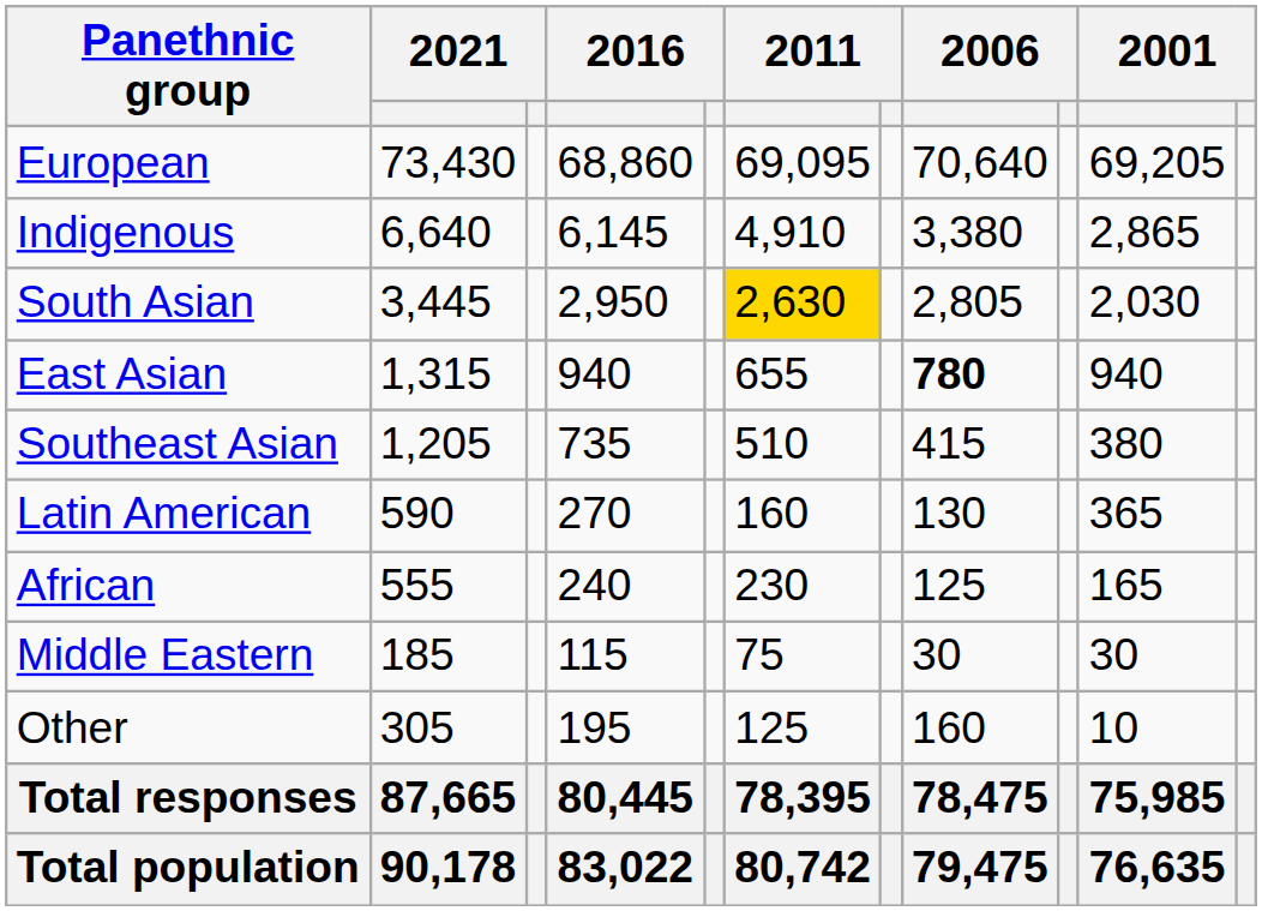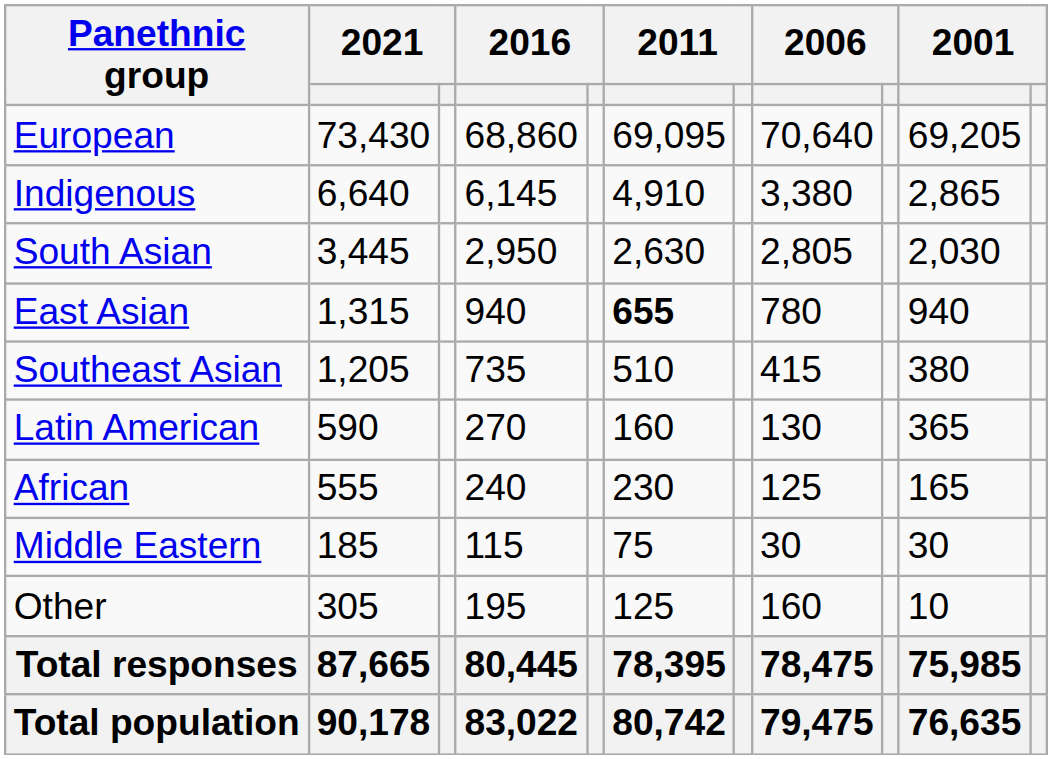 <table class="wikitable collapsible sortable">
 <tr>
 <th rowspan="2"><a href='#'>Panethnic</a><br>group</th>
 <th colspan="2">2021</th>
 <th colspan="2">2016</th>
 <th colspan="2">2011</th>
 <th colspan="2">2006</th>
 <th colspan="2">2001</th>
 </tr>
 <tr>
 <th><a href='#'></a></th>
 <th></th>
 <th></th>
 <th></th>
 <th></th>
 <th></th>
 <th></th>
 <th></th>
 <th></th>
 <th></th>
 </tr>
 <tr>
 <td><a href='#'>European</a></td>
 <td>73,430</td>
 <td></td>
 <td>68,860</td>
 <td></td>
 <td>69,095</td>
 <td></td>
 <td>70,640</td>
 <td></td>
 <td>69,205</td>
 <td></td>
 </tr>
 <tr>
 <td><a href='#'>Indigenous</a></td>
 <td>6,640</td>
 <td></td>
 <td>6,145</td>
 <td></td>
 <td>4,910</td>
 <td></td>
 <td>3,380</td>
 <td></td>
 <td>2,865</td>
 <td></td>
 </tr>
 <tr>
 <td><a href='#'>South Asian</a></td>
 <td>3,445</td>
 <td></td>
 <td>2,950</td>
 <td></td>
-<td style="background: gold;">2,630</td>
+<td>2,630</td>
 <td></td>
 <td>2,805</td>
 <td></td>
 <td>2,030</td>
 <td></td>
 </tr>
 <tr>
 <td><a href='#'>East Asian</a></td>
 <td>1,315</td>
 <td></td>
 <td>940</td>
 <td></td>
-<td>655</td>
+<td><strong>655</strong></td>
 <td></td>
-<td><strong>780</strong></td>
+<td>780</td>
 <td></td>
 <td>940</td>
 <td></td>
 </tr>
 <tr>
 <td><a href='#'>Southeast Asian</a></td>
 <td>1,205</td>
 <td></td>
 <td>735</td>
 <td></td>
 <td>510</td>
 <td></td>
 <td>415</td>
 <td></td>
 <td>380</td>
 <td></td>
 </tr>
 <tr>
 <td><a href='#'>Latin American</a></td>
 <td>590</td>
 <td></td>
 <td>270</td>
 <td></td>
 <td>160</td>
 <td></td>
 <td>130</td>
 <td></td>
 <td>365</td>
 <td></td>
 </tr>
 <tr>
 <td><a href='#'>African</a></td>
 <td>555</td>
 <td></td>
 <td>240</td>
 <td></td>
 <td>230</td>
 <td></td>
 <td>125</td>
 <td></td>
 <td>165</td>
 <td></td>
 </tr>
 <tr>
 <td><a href='#'>Middle Eastern</a></td>
 <td>185</td>
 <td></td>
 <td>115</td>
 <td></td>
 <td>75</td>
 <td></td>
 <td>30</td>
 <td></td>
 <td>30</td>
 <td></td>
 </tr>
 <tr>
 <td>Other</td>
 <td>305</td>
 <td></td>
 <td>195</td>
 <td></td>
 <td>125</td>
 <td></td>
 <td>160</td>
 <td></td>
 <td>10</td>
 <td></td>
 </tr>
 <tr>
 <th>Total responses</th>
 <th>87,665</th>
 <th></th>
 <th>80,445</th>
 <th></th>
 <th>78,395</th>
 <th></th>
 <th>78,475</th>
 <th></th>
 <th>75,985</th>
 <th></th>
 </tr>
 <tr>
 <th>Total population</th>
 <th>90,178</th>
 <th></th>
 <th>83,022</th>
 <th></th>
 <th>80,742</th>
 <th></th>
 <th>79,475</th>
 <th></th>
 <th>76,635</th>
 <th></th>
 </tr>
 </table>
